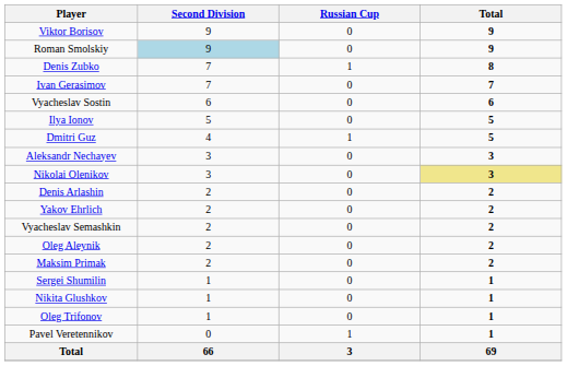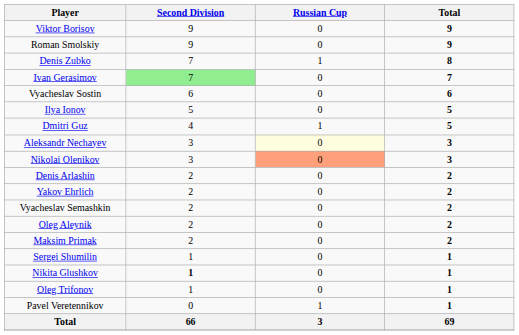 <table class="wikitable sortable" style="text-align:center; font-size:95%">
 <tr>
 <th width=180px>Player</th>
 <th width=192px><a href='#'>Second Division</a></th>
 <th width=192px><a href='#'>Russian Cup</a></th>
 <th width=192px>Total</th>
 </tr>
 <tr>
 <td><a href='#'>Viktor Borisov</a></td>
 <td>9</td>
 <td>0</td>
 <td><strong>9</strong></td>
 </tr>
 <tr>
 <td>Roman Smolskiy</td>
-<td style="background: lightblue;">9</td>
+<td>9</td>
 <td>0</td>
 <td><strong>9</strong></td>
 </tr>
 <tr>
 <td><a href='#'>Denis Zubko</a></td>
 <td>7</td>
 <td>1</td>
 <td><strong>8</strong></td>
 </tr>
 <tr>
 <td><a href='#'>Ivan Gerasimov</a></td>
-<td>7</td>
+<td style="background: lightgreen;">7</td>
 <td>0</td>
 <td><strong>7</strong></td>
 </tr>
 <tr>
 <td>Vyacheslav Sostin</td>
 <td>6</td>
 <td>0</td>
 <td><strong>6</strong></td>
 </tr>
 <tr>
 <td><a href='#'>Ilya Ionov</a></td>
 <td>5</td>
 <td>0</td>
 <td><strong>5</strong></td>
 </tr>
 <tr>
 <td><a href='#'>Dmitri Guz</a></td>
 <td>4</td>
 <td>1</td>
 <td><strong>5</strong></td>
 </tr>
 <tr>
 <td><a href='#'>Aleksandr Nechayev</a></td>
 <td>3</td>
-<td>0</td>
+<td style="background: lightyellow;">0</td>
 <td><strong>3</strong></td>
 </tr>
 <tr>
 <td><a href='#'>Nikolai Olenikov</a></td>
 <td>3</td>
-<td>0</td>
-<td style="background: khaki;"><strong>3</strong></td>
+<td style="background: lightsalmon;">0</td>
+<td><strong>3</strong></td>
 </tr>
 <tr>
 <td><a href='#'>Denis Arlashin</a></td>
 <td>2</td>
 <td>0</td>
 <td><strong>2</strong></td>
 </tr>
 <tr>
 <td><a href='#'>Yakov Ehrlich</a></td>
 <td>2</td>
 <td>0</td>
 <td><strong>2</strong></td>
 </tr>
 <tr>
 <td>Vyacheslav Semashkin</td>
 <td>2</td>
 <td>0</td>
 <td><strong>2</strong></td>
 </tr>
 <tr>
 <td><a href='#'>Oleg Aleynik</a></td>
 <td>2</td>
 <td>0</td>
 <td><strong>2</strong></td>
 </tr>
 <tr>
 <td><a href='#'>Maksim Primak</a></td>
 <td>2</td>
 <td>0</td>
 <td><strong>2</strong></td>
 </tr>
 <tr>
 <td><a href='#'>Sergei Shumilin</a></td>
 <td>1</td>
 <td>0</td>
 <td><strong>1</strong></td>
 </tr>
 <tr>
 <td><a href='#'>Nikita Glushkov</a></td>
-<td>1</td>
+<td><strong>1</strong></td>
 <td>0</td>
 <td><strong>1</strong></td>
 </tr>
 <tr>
 <td><a href='#'>Oleg Trifonov</a></td>
 <td>1</td>
 <td>0</td>
 <td><strong>1</strong></td>
 </tr>
 <tr>
 <td>Pavel Veretennikov</td>
 <td>0</td>
 <td>1</td>
 <td><strong>1</strong></td>
 </tr>
 <tr class="sortbottom">
 <th>Total</th>
 <th>66</th>
 <th>3</th>
 <th>69</th>
 </tr>
 <tr>
 </tr>
 </table>
